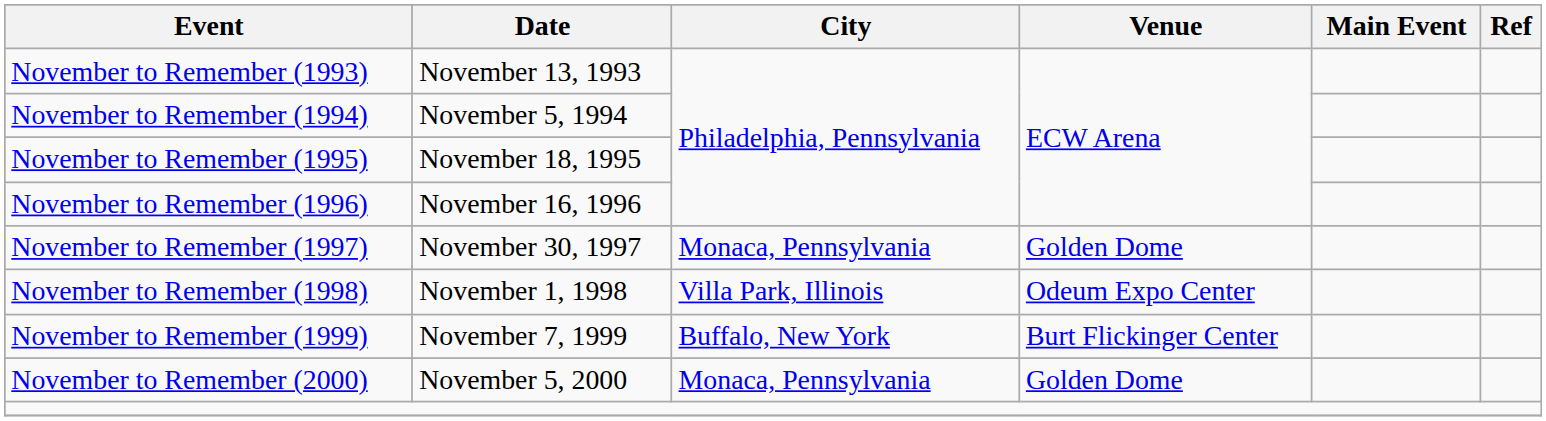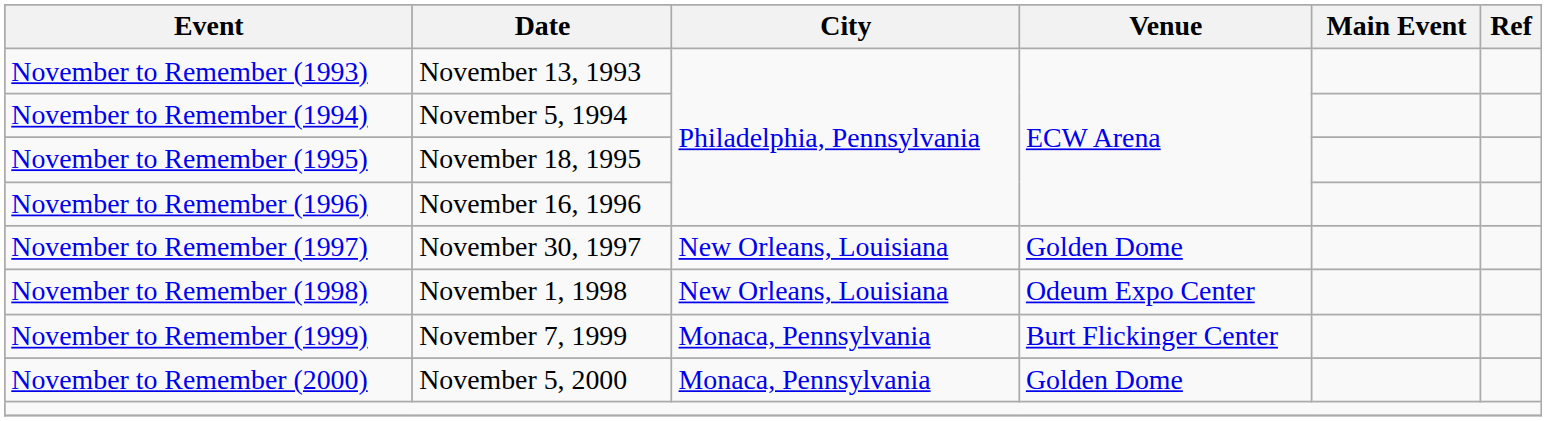 <table class="wikitable sortable" style="align: center" width=100%>
 <tr>
 <th>Event</th>
 <th>Date</th>
 <th>City</th>
 <th>Venue</th>
 <th>Main Event</th>
 <th>Ref</th>
 </tr>
 <tr>
 <td><a href='#'>November to Remember (1993)</a></td>
 <td>November 13, 1993</td>
 <td rowspan="4"><a href='#'>Philadelphia, Pennsylvania</a></td>
 <td rowspan="4"><a href='#'>ECW Arena</a></td>
 <td></td>
 <td></td>
 </tr>
 <tr>
 <td><a href='#'>November to Remember (1994)</a></td>
 <td>November 5, 1994</td>
 <td></td>
 <td></td>
 </tr>
 <tr>
 <td><a href='#'>November to Remember (1995)</a></td>
 <td>November 18, 1995</td>
 <td></td>
 <td></td>
 </tr>
 <tr>
 <td><a href='#'>November to Remember (1996)</a></td>
 <td>November 16, 1996</td>
 <td></td>
 <td></td>
 </tr>
 <tr>
 <td><a href='#'>November to Remember (1997)</a></td>
 <td>November 30, 1997</td>
-<td><a href='#'>Monaca, Pennsylvania</a></td>
+<td><a href='#'>New Orleans, Louisiana</a></td>
 <td><a href='#'>Golden Dome</a></td>
 <td></td>
 <td></td>
 </tr>
 <tr>
 <td><a href='#'>November to Remember (1998)</a></td>
 <td>November 1, 1998</td>
-<td><a href='#'>Villa Park, Illinois</a></td>
+<td><a href='#'>New Orleans, Louisiana</a></td>
 <td><a href='#'>Odeum Expo Center</a></td>
 <td></td>
 <td></td>
 </tr>
 <tr>
 <td><a href='#'>November to Remember (1999)</a></td>
 <td>November 7, 1999</td>
-<td><a href='#'>Buffalo, New York</a></td>
+<td><a href='#'>Monaca, Pennsylvania</a></td>
 <td><a href='#'>Burt Flickinger Center</a></td>
 <td></td>
 <td></td>
 </tr>
 <tr>
 <td><a href='#'>November to Remember (2000)</a></td>
 <td>November 5, 2000</td>
 <td><a href='#'>Monaca, Pennsylvania</a></td>
 <td><a href='#'>Golden Dome</a></td>
 <td></td>
 <td></td>
 </tr>
 <tr>
 <td colspan="10"></td>
 </tr>
 <tr>
 </tr>
 </table>
